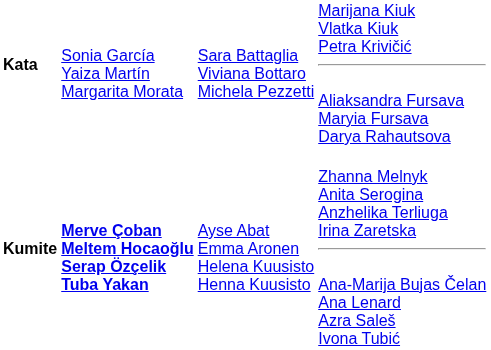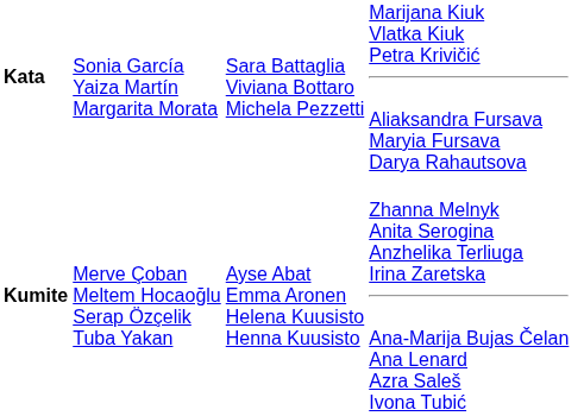 <table>
 <tr>
 <td><strong>Kata</strong></td>
 <td><br><a href='#'>Sonia García</a><br><a href='#'>Yaiza Martín</a><br><a href='#'>Margarita Morata</a></td>
 <td><br><a href='#'>Sara Battaglia</a><br><a href='#'>Viviana Bottaro</a><br><a href='#'>Michela Pezzetti</a></td>
 <td><br><a href='#'>Marijana Kiuk</a><br><a href='#'>Vlatka Kiuk</a><br><a href='#'>Petra Krivičić</a><hr><br><a href='#'>Aliaksandra Fursava</a><br><a href='#'>Maryia Fursava</a><br><a href='#'>Darya Rahautsova</a></td>
 </tr>
 <tr>
 <td><strong>Kumite</strong></td>
-<td><strong><br><a href='#'>Merve Çoban</a><br><a href='#'>Meltem Hocaoğlu</a><br><a href='#'>Serap Özçelik</a><br><a href='#'>Tuba Yakan</a></strong></td>
+<td><br><a href='#'>Merve Çoban</a><br><a href='#'>Meltem Hocaoğlu</a><br><a href='#'>Serap Özçelik</a><br><a href='#'>Tuba Yakan</a></td>
 <td><br><a href='#'>Ayse Abat</a><br><a href='#'>Emma Aronen</a><br><a href='#'>Helena Kuusisto</a><br><a href='#'>Henna Kuusisto</a></td>
 <td><br><a href='#'>Zhanna Melnyk</a><br><a href='#'>Anita Serogina</a><br><a href='#'>Anzhelika Terliuga</a><br><a href='#'>Irina Zaretska</a><hr><br><a href='#'>Ana-Marija Bujas Čelan</a><br><a href='#'>Ana Lenard</a><br><a href='#'>Azra Saleš</a><br><a href='#'>Ivona Tubić</a></td>
 </tr>
 </table>
